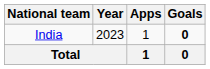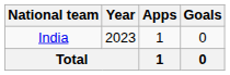 <table class="wikitable" style="text-align: center;">
 <tr>
 <th>National team</th>
 <th>Year</th>
 <th>Apps</th>
 <th>Goals</th>
 </tr>
 <tr>
 <td rowspan="1"><a href='#'>India</a></td>
 <td>2023</td>
 <td>1</td>
-<td><strong>0</strong></td>
+<td>0</td>
 </tr>
 <tr>
 <th colspan="2">Total</th>
 <th>1</th>
 <th>0</th>
 </tr>
 </table>
